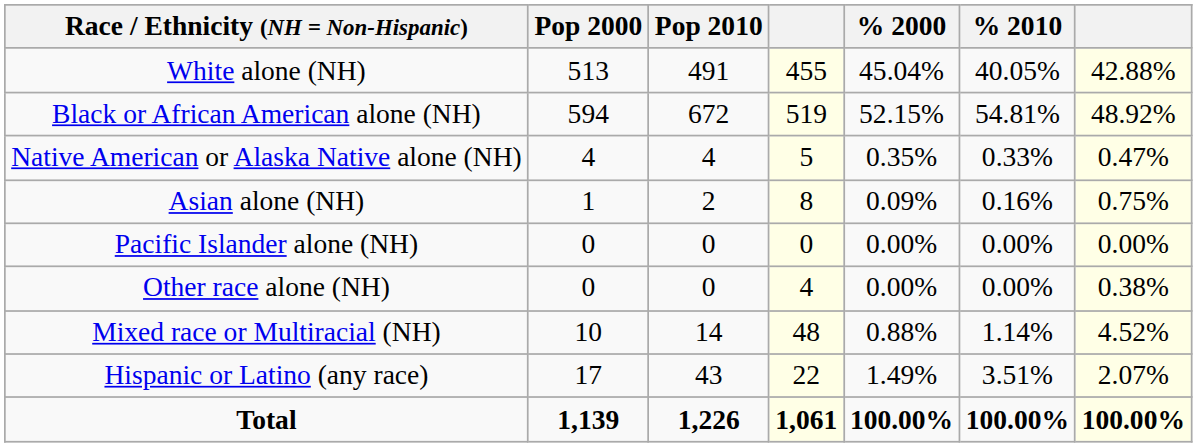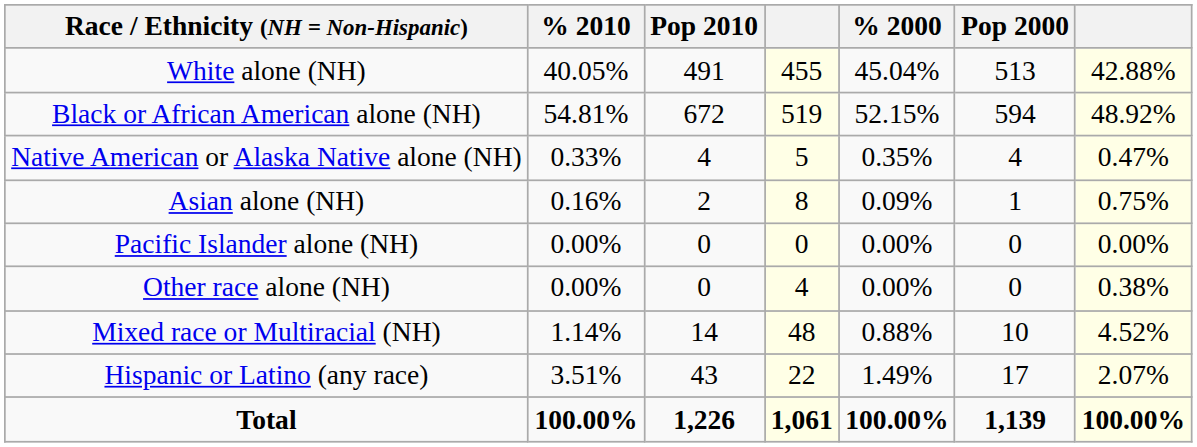 <table class="wikitable" style="text-align:center;">
 <tr>
 <th>Race / Ethnicity <small>(<em>NH = Non-Hispanic</em>)</small></th>
-<th>Pop 2000</th>
+<th>% 2010</th>
 <th>Pop 2010</th>
 <th></th>
 <th>% 2000</th>
-<th>% 2010</th>
+<th>Pop 2000</th>
 <th></th>
 </tr>
 <tr>
 <td><a href='#'>White</a> alone (NH)</td>
-<td>513</td>
+<td>40.05%</td>
 <td>491</td>
 <td style='background: #ffffe6;'>455</td>
 <td>45.04%</td>
-<td>40.05%</td>
+<td>513</td>
 <td style='background: #ffffe6;'>42.88%</td>
 </tr>
 <tr>
 <td><a href='#'>Black or African American</a> alone (NH)</td>
-<td>594</td>
+<td>54.81%</td>
 <td>672</td>
 <td style='background: #ffffe6;'>519</td>
 <td>52.15%</td>
-<td>54.81%</td>
+<td>594</td>
 <td style='background: #ffffe6;'>48.92%</td>
 </tr>
 <tr>
 <td><a href='#'>Native American</a> or <a href='#'>Alaska Native</a> alone (NH)</td>
-<td>4</td>
+<td>0.33%</td>
 <td>4</td>
 <td style='background: #ffffe6;'>5</td>
 <td>0.35%</td>
-<td>0.33%</td>
+<td>4</td>
 <td style='background: #ffffe6;'>0.47%</td>
 </tr>
 <tr>
 <td><a href='#'>Asian</a> alone (NH)</td>
-<td>1</td>
+<td>0.16%</td>
 <td>2</td>
 <td style='background: #ffffe6;'>8</td>
 <td>0.09%</td>
-<td>0.16%</td>
+<td>1</td>
 <td style='background: #ffffe6;'>0.75%</td>
 </tr>
 <tr>
 <td><a href='#'>Pacific Islander</a> alone (NH)</td>
-<td>0</td>
+<td>0.00%</td>
 <td>0</td>
 <td style='background: #ffffe6;'>0</td>
 <td>0.00%</td>
-<td>0.00%</td>
+<td>0</td>
 <td style='background: #ffffe6;'>0.00%</td>
 </tr>
 <tr>
 <td><a href='#'>Other race</a> alone (NH)</td>
-<td>0</td>
+<td>0.00%</td>
 <td>0</td>
 <td style='background: #ffffe6;'>4</td>
 <td>0.00%</td>
-<td>0.00%</td>
+<td>0</td>
 <td style='background: #ffffe6;'>0.38%</td>
 </tr>
 <tr>
 <td><a href='#'>Mixed race or Multiracial</a> (NH)</td>
-<td>10</td>
+<td>1.14%</td>
 <td>14</td>
 <td style='background: #ffffe6;'>48</td>
 <td>0.88%</td>
-<td>1.14%</td>
+<td>10</td>
 <td style='background: #ffffe6;'>4.52%</td>
 </tr>
 <tr>
 <td><a href='#'>Hispanic or Latino</a> (any race)</td>
-<td>17</td>
+<td>3.51%</td>
 <td>43</td>
 <td style='background: #ffffe6;'>22</td>
 <td>1.49%</td>
-<td>3.51%</td>
+<td>17</td>
 <td style='background: #ffffe6;'>2.07%</td>
 </tr>
 <tr>
 <td><strong>Total</strong></td>
-<td><strong>1,139</strong></td>
+<td><strong>100.00%</strong></td>
 <td><strong>1,226</strong></td>
 <td style='background: #ffffe6;'><strong>1,061</strong></td>
 <td><strong>100.00%</strong></td>
-<td><strong>100.00%</strong></td>
+<td><strong>1,139</strong></td>
 <td style='background: #ffffe6;'><strong>100.00%</strong></td>
 </tr>
 </table>
